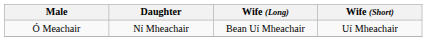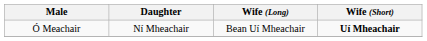 <table class="wikitable">
 <tr>
 <th width=20%>Male</th>
 <th width=20%>Daughter</th>
 <th width=20%>Wife <em><small>(Long)</small></em></th>
 <th width=20%>Wife <em><small>(Short)</small></em></th>
 </tr>
 <tr>
 <td align="center">Ó Meachair</td>
 <td align="center">Ní Mheachair</td>
 <td align="center">Bean Uí Mheachair</td>
-<td align="center">Uí Mheachair</td>
+<td align="center"><strong>Uí Mheachair</strong></td>
 </tr>
 <tr>
 </tr>
 </table>
